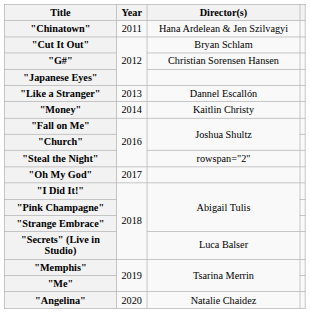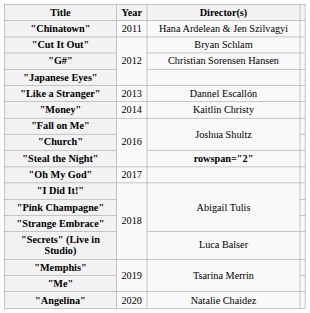 <table class="wikitable plainrowheaders" style="text-align:center;">
 <tr>
 <th scope="col" style="width:10.5em;">Title</th>
 <th scope="col" style="width:2.5em;">Year</th>
 <th scope="col" style="width:14.5em;">Director(s)</th>
 <th scope="col"></th>
 </tr>
 <tr>
 <th scope="row">"Chinatown"</th>
 <td>2011</td>
 <td>Hana Ardelean & Jen Szilvagyi</td>
 <td></td>
 </tr>
 <tr>
 <th scope="row">"Cut It Out"</th>
 <td rowspan="3">2012</td>
 <td>Bryan Schlam</td>
 <td></td>
 </tr>
 <tr>
 <th scope="row">"G#"</th>
 <td>Christian Sorensen Hansen</td>
 <td></td>
 </tr>
 <tr>
 <th scope="row">"Japanese Eyes"</th>
 <td></td>
 <td></td>
 </tr>
 <tr>
 <th scope="row">"Like a Stranger"</th>
 <td>2013</td>
 <td>Dannel Escallón</td>
 <td></td>
 </tr>
 <tr>
 <th scope="row">"Money"</th>
 <td>2014</td>
 <td>Kaitlin Christy</td>
 <td></td>
 </tr>
 <tr>
 <th scope="row">"Fall on Me"</th>
 <td rowspan="3">2016</td>
 <td rowspan="2">Joshua Shultz</td>
 <td></td>
 </tr>
 <tr>
 <th scope="row">"Church"</th>
 <td></td>
 </tr>
 <tr>
 <th scope="row">"Steal the Night"</th>
-<td>rowspan="2" </td>
+<td><strong>rowspan="2" </strong></td>
 <td></td>
 </tr>
 <tr>
 <th scope="row">"Oh My God"</th>
 <td>2017</td>
 <td></td>
 </tr>
 <tr>
 <th scope="row">"I Did It!"</th>
 <td rowspan="4">2018</td>
 <td rowspan="3">Abigail Tulis</td>
 <td></td>
 </tr>
 <tr>
 <th scope="row">"Pink Champagne"</th>
 <td></td>
 </tr>
 <tr>
 <th scope="row">"Strange Embrace"</th>
 <td></td>
 </tr>
 <tr>
 <th scope="row">"Secrets" <span>(Live in Studio)</span></th>
 <td>Luca Balser</td>
 <td></td>
 </tr>
 <tr>
 <th scope="row">"Memphis"</th>
 <td rowspan="2">2019</td>
 <td rowspan="2">Tsarina Merrin</td>
 <td></td>
 </tr>
 <tr>
 <th scope="row">"Me"</th>
 <td></td>
 </tr>
 <tr>
 <th scope="row">"Angelina"</th>
 <td>2020</td>
 <td>Natalie Chaidez</td>
 <td></td>
 </tr>
 </table>
